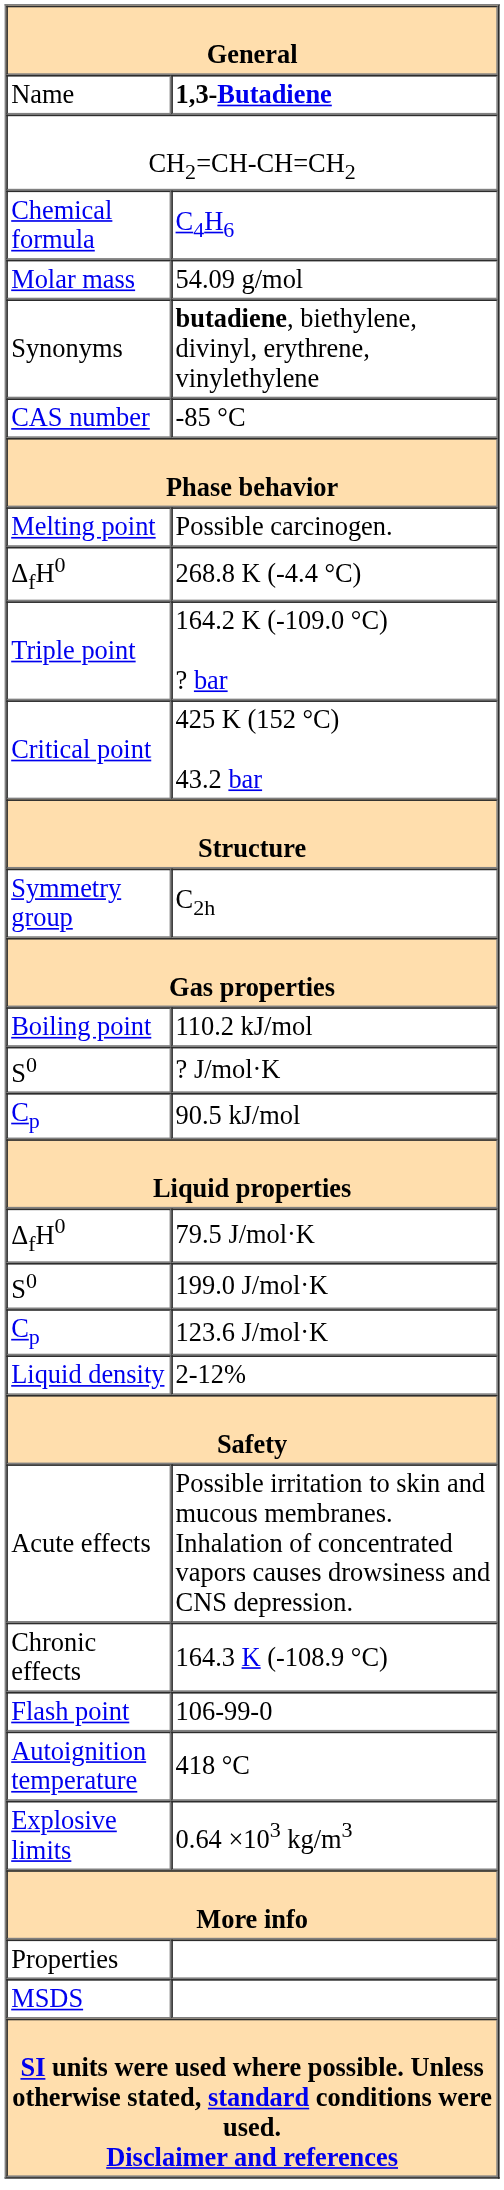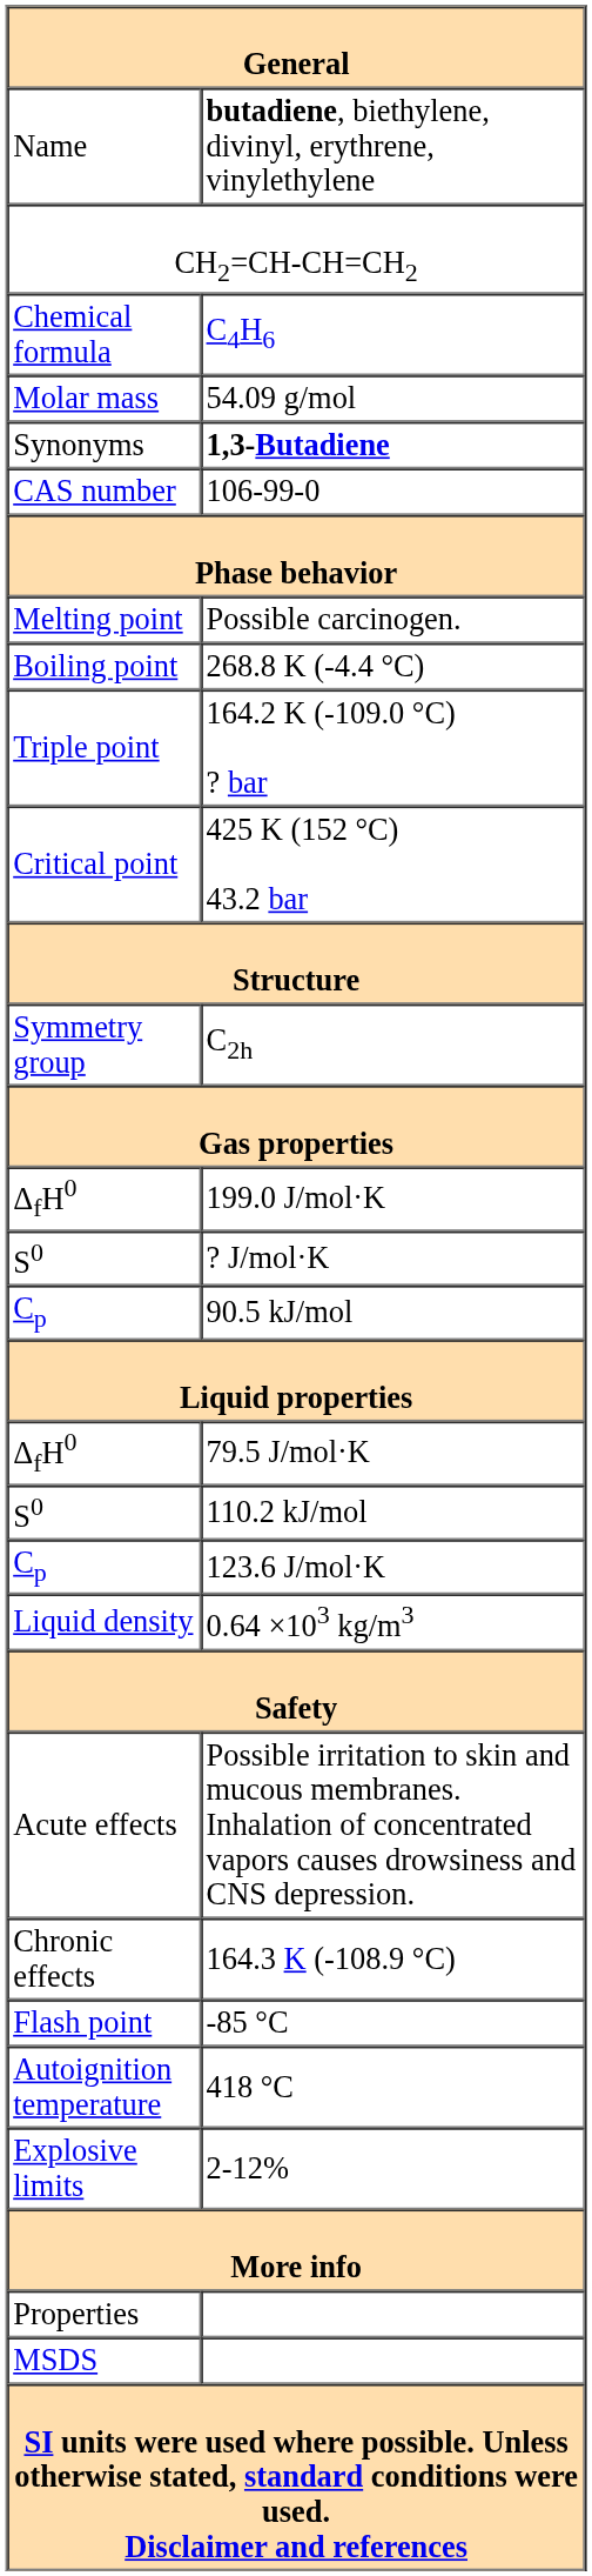 <table width="300" border="1" cellpadding="2" cellspacing="0" style="float:right; margin-left: 0.5em">
 <tr ---->
 <th colspan="2" bgcolor="#FFDEAD"><br><strong>General</strong></th>
 </tr>
 <tr ---->
 <td>Name</td>
-<td><strong>1,3-<a href='#'>Butadiene</a></strong></td>
+<td><strong>butadiene</strong>, biethylene, divinyl, erythrene, vinylethylene</td>
 </tr>
 <tr ---->
 <td colspan="2" align="center"><br>CH<sub>2</sub>=CH-CH=CH<sub>2</sub></td>
 </tr>
 <tr ---->
 <td><a href='#'>Chemical formula</a></td>
 <td><a href='#'>C<sub>4</sub></a><a href='#'>H<sub>6</sub></a></td>
 </tr>
 <tr ---->
 <td><a href='#'>Molar mass</a></td>
 <td>54.09 g/mol</td>
 </tr>
 <tr ---->
 <td>Synonyms</td>
-<td><strong>butadiene</strong>, biethylene, divinyl, erythrene, vinylethylene</td>
+<td><strong>1,3-<a href='#'>Butadiene</a></strong></td>
 </tr>
 <tr ---->
 <td><a href='#'>CAS number</a></td>
-<td>-85 °C</td>
+<td>106-99-0</td>
 </tr>
 <tr ---->
 <th colspan="2" bgcolor="#FFDEAD"><br><strong>Phase behavior</strong></th>
 </tr>
 <tr ---->
 <td><a href='#'>Melting point</a></td>
 <td>Possible carcinogen.</td>
 </tr>
 <tr ---->
-<td>Δ<sub>f</sub>H<sup>0</sup></td>
+<td><a href='#'>Boiling point</a></td>
 <td>268.8 K (-4.4 °C)</td>
 </tr>
 <tr ---->
 <td><a href='#'>Triple point</a></td>
 <td>164.2 K (-109.0 °C)<br><br>? <a href='#'>bar</a></td>
 </tr>
 <tr ---->
 <td><a href='#'>Critical point</a></td>
 <td>425 K (152 °C)<br><br>43.2 <a href='#'>bar</a></td>
 </tr>
 <tr ---->
 <th colspan="2" bgcolor="#FFDEAD"><br><strong>Structure</strong></th>
 </tr>
 <tr ---->
 <td><a href='#'>Symmetry group</a></td>
 <td>C<sub>2h</sub></td>
 </tr>
 <tr ---->
 <th colspan="2" bgcolor="#FFDEAD"><br><strong> Gas properties </strong></th>
 </tr>
 <tr ---->
-<td><a href='#'>Boiling point</a></td>
-<td>110.2 kJ/mol</td>
+<td>Δ<sub>f</sub>H<sup>0</sup></td>
+<td>199.0 J/mol·K</td>
 </tr>
 <tr ---->
 <td>S<sup>0</sup></td>
 <td>? J/mol·K</td>
 </tr>
 <tr ---->
 <td><a href='#'>C<sub>p</sub></a></td>
 <td>90.5 kJ/mol</td>
 </tr>
 <tr ---->
 <th colspan="2" bgcolor="#FFDEAD"><br><strong>Liquid properties</strong></th>
 </tr>
 <tr ---->
 <td>Δ<sub>f</sub>H<sup>0</sup></td>
 <td>79.5 J/mol·K</td>
 </tr>
 <tr ---->
 <td>S<sup>0</sup></td>
-<td>199.0 J/mol·K</td>
+<td>110.2 kJ/mol</td>
 </tr>
 <tr ---->
 <td><a href='#'>C<sub>p</sub></a></td>
 <td>123.6 J/mol·K</td>
 </tr>
 <tr ---->
 <td><a href='#'>Liquid density</a></td>
-<td>2-12%</td>
+<td>0.64 ×10<sup>3</sup> kg/m<sup>3</sup></td>
 </tr>
 <tr ---->
 <th colspan="2" bgcolor="#FFDEAD"><br><strong>Safety</strong></th>
 </tr>
 <tr ---->
 <td>Acute effects</td>
 <td>Possible irritation to skin and mucous membranes. Inhalation of concentrated vapors causes drowsiness and CNS depression.</td>
 </tr>
 <tr ---->
 <td>Chronic effects</td>
 <td>164.3 <a href='#'>K</a> (-108.9 °C)</td>
 </tr>
 <tr ---->
 <td><a href='#'>Flash point</a></td>
-<td>106-99-0</td>
+<td>-85 °C</td>
 </tr>
 <tr ---->
 <td><a href='#'>Autoignition temperature</a></td>
 <td>418 °C</td>
 </tr>
 <tr ---->
 <td><a href='#'>Explosive limits</a></td>
-<td>0.64 ×10<sup>3</sup> kg/m<sup>3</sup></td>
+<td>2-12%</td>
 </tr>
 <tr ---->
 <th colspan="2" bgcolor="#FFDEAD"><br><strong>More info</strong></th>
 </tr>
 <tr ---->
 <td>Properties</td>
 <td></td>
 </tr>
 <tr ---->
 <td><a href='#'>MSDS</a></td>
 <td></td>
 </tr>
 <tr ---->
 <th colspan="2" bgcolor="#FFDEAD"><br><span><a href='#'>SI</a> units were used where possible. Unless otherwise stated, <a href='#'>standard</a> conditions were used.</span><br><span><a href='#'>Disclaimer and references</a></span></th>
 </tr>
 </table>
